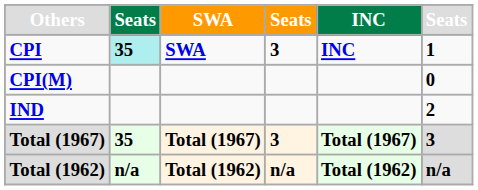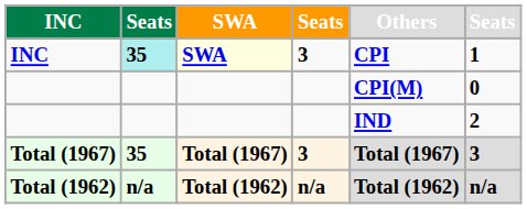 <table class="wikitable" style="font-weight: bold; font-size: x-small; font-family: verdana">
 <tr>
-<th style="background-color:#DDDDDD; color:white">Others</th>
+<th style="background-color:#007D48; color:white">INC</th>
 <th style="background-color:#007D48; color:white">Seats</th>
 <th style="background-color:#FF9900; color:white">SWA</th>
 <th style="background-color:#FF9900; color:white">Seats</th>
-<th style="background-color:#007D48; color:white">INC</th>
+<th style="background-color:#DDDDDD; color:white">Others</th>
 <th style="background-color:#DDDDDD; color:white">Seats</th>
 </tr>
 <tr --->
+<td><a href='#'>INC</a></td>
+<td style="background: paleturquoise;">35</td>
+<td style="background: lightyellow;"><a href='#'>SWA</a></td>
+<td>3</td>
 <td><a href='#'>CPI</a></td>
-<td style="background: paleturquoise;">35</td>
-<td><a href='#'>SWA</a></td>
-<td>3</td>
-<td><a href='#'>INC</a></td>
 <td>1</td>
 </tr>
 <tr --->
-<td><a href='#'>CPI(M)</a></td>
 <td></td>
 <td></td>
 <td></td>
 <td></td>
+<td><a href='#'>CPI(M)</a></td>
 <td>0</td>
 </tr>
 <tr --->
-<td><a href='#'>IND</a></td>
 <td></td>
 <td></td>
 <td></td>
 <td></td>
+<td><a href='#'>IND</a></td>
 <td>2</td>
 </tr>
 <tr --->
-<td bgcolor=#DDDDDD>Total (1967)</td>
+<td bgcolor=#E6FFE6>Total (1967)</td>
 <td bgcolor=#E6FFE6>35</td>
 <td bgcolor=#FFF3E1>Total (1967)</td>
 <td bgcolor=#FFF3E1>3</td>
-<td bgcolor=#E6FFE6>Total (1967)</td>
+<td bgcolor=#DDDDDD>Total (1967)</td>
 <td bgcolor=#DDDDDD>3</td>
 </tr>
 <tr --->
-<td bgcolor=#DDDDDD>Total (1962)</td>
+<td bgcolor=#E6FFE6>Total (1962)</td>
 <td bgcolor=#E6FFE6>n/a</td>
 <td bgcolor=#FFF3E1>Total (1962)</td>
 <td bgcolor=#FFF3E1>n/a</td>
-<td bgcolor=#E6FFE6>Total (1962)</td>
+<td bgcolor=#DDDDDD>Total (1962)</td>
 <td bgcolor=#DDDDDD>n/a</td>
 </tr>
 </table>
